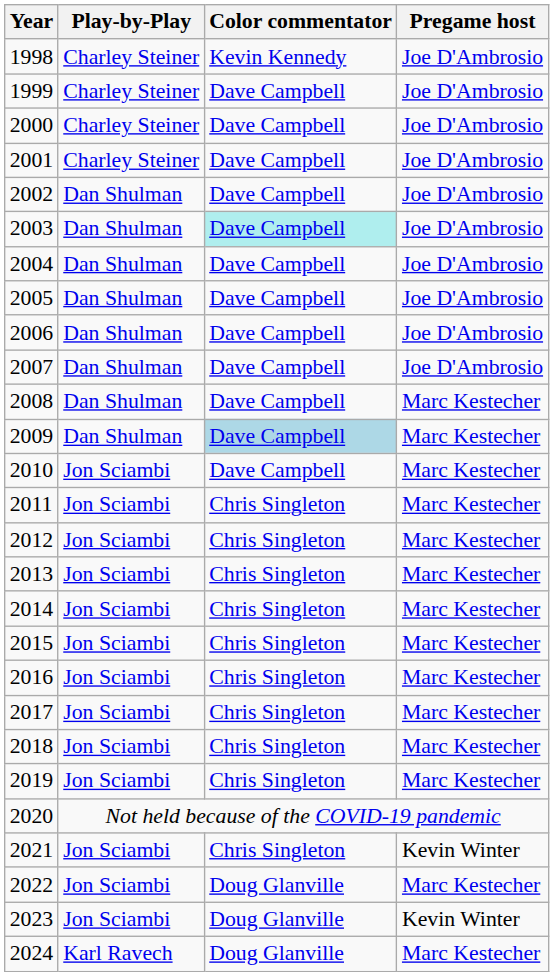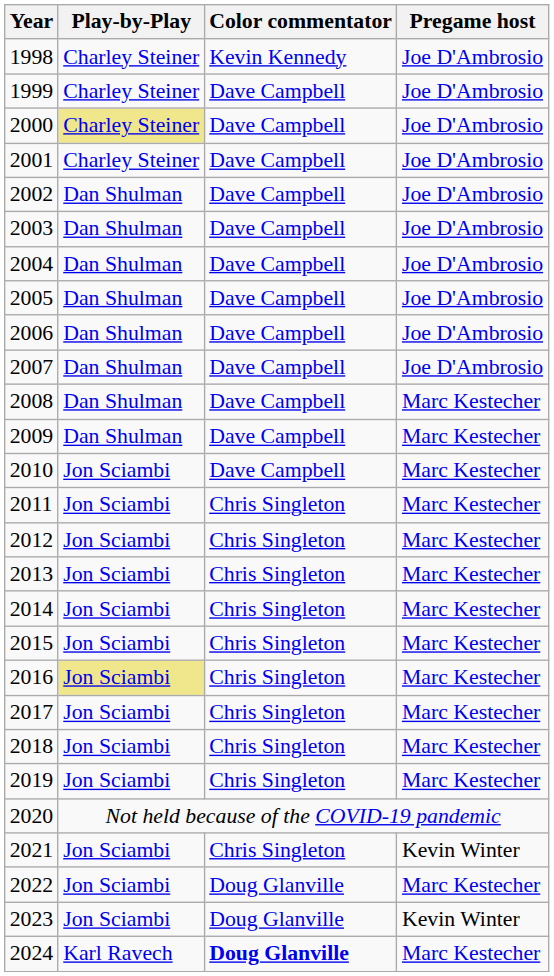 <table class=wikitable>
 <tr>
 <th>Year</th>
 <th>Play-by-Play</th>
 <th>Color commentator</th>
 <th>Pregame host</th>
 </tr>
 <tr>
 <td>1998</td>
 <td><a href='#'>Charley Steiner</a></td>
 <td><a href='#'>Kevin Kennedy</a></td>
 <td><a href='#'>Joe D'Ambrosio</a></td>
 </tr>
 <tr>
 <td>1999</td>
 <td><a href='#'>Charley Steiner</a></td>
 <td><a href='#'>Dave Campbell</a></td>
 <td><a href='#'>Joe D'Ambrosio</a></td>
 </tr>
 <tr>
 <td>2000</td>
-<td><a href='#'>Charley Steiner</a></td>
+<td style="background: khaki;"><a href='#'>Charley Steiner</a></td>
 <td><a href='#'>Dave Campbell</a></td>
 <td><a href='#'>Joe D'Ambrosio</a></td>
 </tr>
 <tr>
 <td>2001</td>
 <td><a href='#'>Charley Steiner</a></td>
 <td><a href='#'>Dave Campbell</a></td>
 <td><a href='#'>Joe D'Ambrosio</a></td>
 </tr>
 <tr>
 <td>2002</td>
 <td><a href='#'>Dan Shulman</a></td>
 <td><a href='#'>Dave Campbell</a></td>
 <td><a href='#'>Joe D'Ambrosio</a></td>
 </tr>
 <tr>
 <td>2003</td>
 <td><a href='#'>Dan Shulman</a></td>
-<td style="background: paleturquoise;"><a href='#'>Dave Campbell</a></td>
+<td><a href='#'>Dave Campbell</a></td>
 <td><a href='#'>Joe D'Ambrosio</a></td>
 </tr>
 <tr>
 <td>2004</td>
 <td><a href='#'>Dan Shulman</a></td>
 <td><a href='#'>Dave Campbell</a></td>
 <td><a href='#'>Joe D'Ambrosio</a></td>
 </tr>
 <tr>
 <td>2005</td>
 <td><a href='#'>Dan Shulman</a></td>
 <td><a href='#'>Dave Campbell</a></td>
 <td><a href='#'>Joe D'Ambrosio</a></td>
 </tr>
 <tr>
 <td>2006</td>
 <td><a href='#'>Dan Shulman</a></td>
 <td><a href='#'>Dave Campbell</a></td>
 <td><a href='#'>Joe D'Ambrosio</a></td>
 </tr>
 <tr>
 <td>2007</td>
 <td><a href='#'>Dan Shulman</a></td>
 <td><a href='#'>Dave Campbell</a></td>
 <td><a href='#'>Joe D'Ambrosio</a></td>
 </tr>
 <tr>
 <td>2008</td>
 <td><a href='#'>Dan Shulman</a></td>
 <td><a href='#'>Dave Campbell</a></td>
 <td><a href='#'>Marc Kestecher</a></td>
 </tr>
 <tr>
 <td>2009</td>
 <td><a href='#'>Dan Shulman</a></td>
-<td style="background: lightblue;"><a href='#'>Dave Campbell</a></td>
+<td><a href='#'>Dave Campbell</a></td>
 <td><a href='#'>Marc Kestecher</a></td>
 </tr>
 <tr>
 <td>2010</td>
 <td><a href='#'>Jon Sciambi</a></td>
 <td><a href='#'>Dave Campbell</a></td>
 <td><a href='#'>Marc Kestecher</a></td>
 </tr>
 <tr>
 <td>2011</td>
 <td><a href='#'>Jon Sciambi</a></td>
 <td><a href='#'>Chris Singleton</a></td>
 <td><a href='#'>Marc Kestecher</a></td>
 </tr>
 <tr>
 <td>2012</td>
 <td><a href='#'>Jon Sciambi</a></td>
 <td><a href='#'>Chris Singleton</a></td>
 <td><a href='#'>Marc Kestecher</a></td>
 </tr>
 <tr>
 <td>2013</td>
 <td><a href='#'>Jon Sciambi</a></td>
 <td><a href='#'>Chris Singleton</a></td>
 <td><a href='#'>Marc Kestecher</a></td>
 </tr>
 <tr>
 <td>2014</td>
 <td><a href='#'>Jon Sciambi</a></td>
 <td><a href='#'>Chris Singleton</a></td>
 <td><a href='#'>Marc Kestecher</a></td>
 </tr>
 <tr>
 <td>2015</td>
 <td><a href='#'>Jon Sciambi</a></td>
 <td><a href='#'>Chris Singleton</a></td>
 <td><a href='#'>Marc Kestecher</a></td>
 </tr>
 <tr>
 <td>2016</td>
-<td><a href='#'>Jon Sciambi</a></td>
+<td style="background: khaki;"><a href='#'>Jon Sciambi</a></td>
 <td><a href='#'>Chris Singleton</a></td>
 <td><a href='#'>Marc Kestecher</a></td>
 </tr>
 <tr>
 <td>2017</td>
 <td><a href='#'>Jon Sciambi</a></td>
 <td><a href='#'>Chris Singleton</a></td>
 <td><a href='#'>Marc Kestecher</a></td>
 </tr>
 <tr>
 <td>2018</td>
 <td><a href='#'>Jon Sciambi</a></td>
 <td><a href='#'>Chris Singleton</a></td>
 <td><a href='#'>Marc Kestecher</a></td>
 </tr>
 <tr>
 <td>2019</td>
 <td><a href='#'>Jon Sciambi</a></td>
 <td><a href='#'>Chris Singleton</a></td>
 <td><a href='#'>Marc Kestecher</a></td>
 </tr>
 <tr>
 <td>2020</td>
 <td colspan="3" style="text-align:center;"><em>Not held because of the <a href='#'>COVID-19 pandemic</a></em></td>
 </tr>
 <tr>
 <td>2021</td>
 <td><a href='#'>Jon Sciambi</a></td>
 <td><a href='#'>Chris Singleton</a></td>
 <td>Kevin Winter</td>
 </tr>
 <tr>
 <td>2022</td>
 <td><a href='#'>Jon Sciambi</a></td>
 <td><a href='#'>Doug Glanville</a></td>
 <td><a href='#'>Marc Kestecher</a></td>
 </tr>
 <tr>
 <td>2023</td>
 <td><a href='#'>Jon Sciambi</a></td>
 <td><a href='#'>Doug Glanville</a></td>
 <td>Kevin Winter</td>
 </tr>
 <tr>
 <td>2024</td>
 <td><a href='#'>Karl Ravech</a></td>
-<td><a href='#'>Doug Glanville</a></td>
+<td><strong><a href='#'>Doug Glanville</a></strong></td>
 <td><a href='#'>Marc Kestecher</a></td>
 </tr>
 </table>
